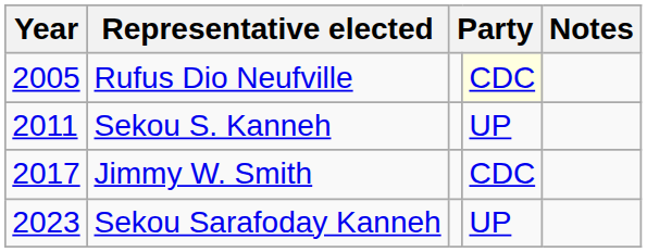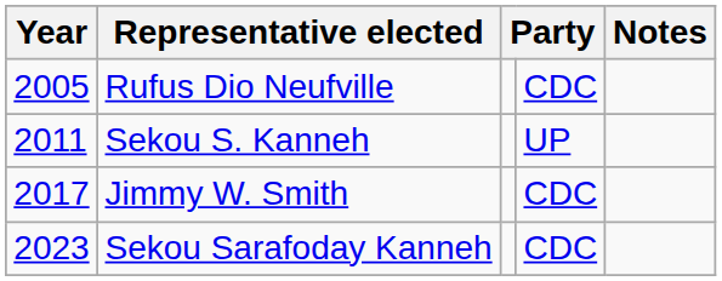 <table class="wikitable">
 <tr>
 <th>Year</th>
 <th>Representative elected</th>
 <th colspan=2>Party</th>
 <th>Notes</th>
 </tr>
 <tr>
 <td><a href='#'>2005</a></td>
 <td><a href='#'>Rufus Dio Neufville</a></td>
 <td></td>
-<td style="background: lightyellow;"><a href='#'>CDC</a></td>
+<td><a href='#'>CDC</a></td>
 <td></td>
 </tr>
 <tr>
 <td><a href='#'>2011</a></td>
 <td><a href='#'>Sekou S. Kanneh</a></td>
 <td></td>
 <td><a href='#'>UP</a></td>
 <td></td>
 </tr>
 <tr>
 <td><a href='#'>2017</a></td>
 <td><a href='#'>Jimmy W. Smith</a></td>
 <td></td>
 <td><a href='#'>CDC</a></td>
 <td></td>
 </tr>
 <tr>
 <td><a href='#'>2023</a></td>
 <td><a href='#'>Sekou Sarafoday Kanneh</a></td>
 <td></td>
-<td><a href='#'>UP</a></td>
+<td><a href='#'>CDC</a></td>
 <td></td>
 </tr>
 </table>
